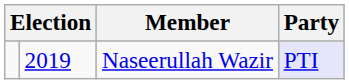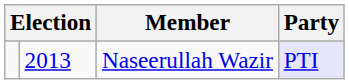 <table class="wikitable">
 <tr>
 <th colspan="2">Election</th>
 <th>Member</th>
 <th>Party</th>
 </tr>
 <tr>
 <td style="background-color: "></td>
-<td><a href='#'>2019</a></td>
+<td><a href='#'>2013</a></td>
 <td><a href='#'>Naseerullah Wazir</a></td>
 <td style="background: lavender;"><a href='#'>PTI</a></td>
 </tr>
 </table>
